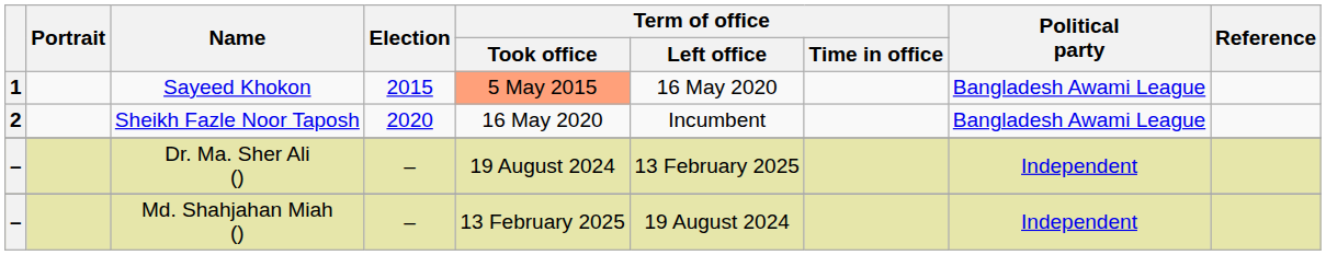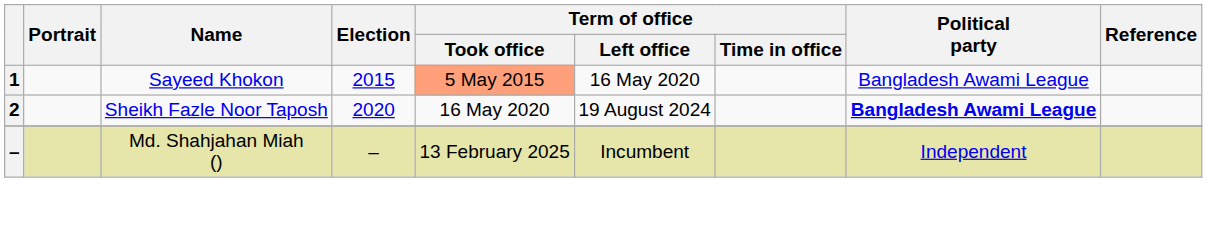 <table class="wikitable" style="text-align:center">
 <tr>
 <th rowspan="2"></th>
 <th rowspan="2">Portrait</th>
 <th rowspan="2">Name<br></th>
 <th rowspan="2">Election</th>
 <th colspan="3"><strong>Term of office</strong></th>
 <th rowspan="2"><strong>Political<br> party</strong></th>
 <th rowspan="2"><strong>Reference</strong></th>
 </tr>
 <tr>
 <th><strong>Took office</strong></th>
 <th><strong>Left office</strong></th>
 <th><strong>Time in office</strong></th>
 </tr>
 <tr>
 <th style="background:">1</th>
 <td align=center></td>
 <td><a href='#'>Sayeed Khokon</a></td>
 <td><a href='#'>2015</a></td>
 <td align=center style="background: lightsalmon;">5 May 2015</td>
 <td align=center>16 May 2020</td>
 <td></td>
 <td><a href='#'>Bangladesh Awami League</a></td>
 <td></td>
 </tr>
 <tr>
 <th style="background:">2</th>
 <td align=center></td>
 <td><a href='#'>Sheikh Fazle Noor Taposh</a></td>
 <td><a href='#'>2020</a></td>
 <td align=center>16 May 2020</td>
-<td align=center>Incumbent</td>
+<td align=center>19 August 2024</td>
 <td></td>
-<td><a href='#'>Bangladesh Awami League</a></td>
+<td><strong><a href='#'>Bangladesh Awami League</a></strong></td>
 <td></td>
 </tr>
 <tr>
-</tr>
-<tr style="background:#e6e6aa;">
-<th style="background:">–</th>
-<td align=center></td>
-<td>Dr. Ma. Sher Ali<br>()</td>
-<td>–</td>
-<td align=center>19 August 2024</td>
-<td align=center>13 February 2025</td>
-<td></td>
-<td><a href='#'>Independent</a></td>
-<td></td>
 </tr>
 <tr>
 </tr>
 <tr style="background:#e6e6aa;">
 <th style="background:">–</th>
 <td align=center></td>
 <td>Md. Shahjahan Miah<br>()</td>
 <td>–</td>
 <td align=center>13 February 2025</td>
-<td align=center>19 August 2024</td>
+<td align=center>Incumbent</td>
 <td></td>
 <td><a href='#'>Independent</a></td>
 <td></td>
 </tr>
 </table>
